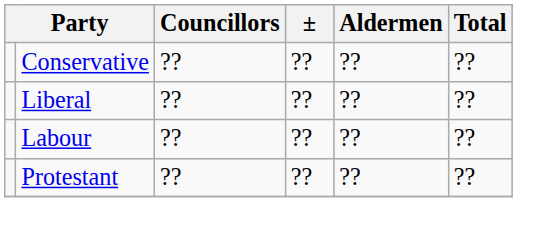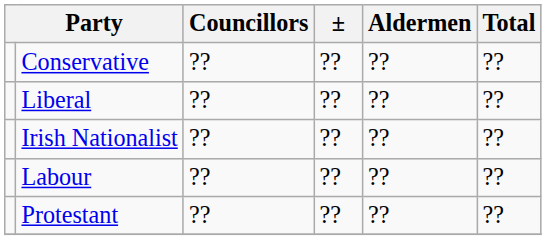 <table class="wikitable">
 <tr>
 <th colspan="2">Party</th>
 <th>Councillors</th>
 <th>  ±  </th>
 <th>Aldermen</th>
 <th>Total</th>
 </tr>
 <tr>
 <td style="background-color: "></td>
 <td><a href='#'>Conservative</a></td>
 <td>??</td>
 <td>??</td>
 <td>??</td>
 <td>??</td>
 </tr>
 <tr>
 <td style="background-color: "></td>
 <td><a href='#'>Liberal</a></td>
 <td>??</td>
 <td>??</td>
 <td>??</td>
 <td>??</td>
 </tr>
 <tr>
 <td style="background-color: "></td>
+<td><a href='#'>Irish Nationalist</a></td>
+<td>??</td>
+<td>??</td>
+<td>??</td>
+<td>??</td>
+</tr>
+<tr>
+<td style="background-color: "></td>
 <td><a href='#'>Labour</a></td>
 <td>??</td>
 <td>??</td>
 <td>??</td>
 <td>??</td>
 </tr>
 <tr>
 <td style="background-color: "></td>
 <td><a href='#'>Protestant</a></td>
 <td>??</td>
 <td>??</td>
 <td>??</td>
 <td>??</td>
 </tr>
 <tr>
 </tr>
 </table>
